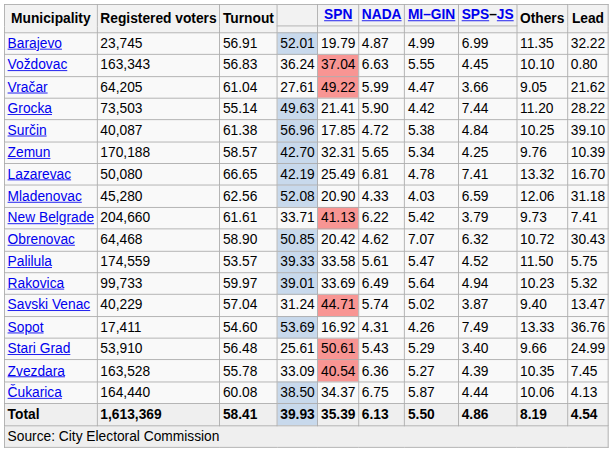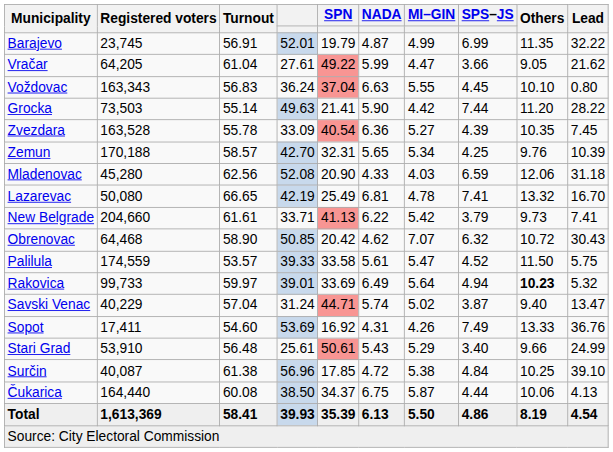 <table class="wikitable">
 <tr>
 <th rowspan="2">Municipality</th>
 <th rowspan="2">Registered voters</th>
 <th rowspan="2">Turnout</th>
 <th></th>
 <th><a href='#'>SPN</a></th>
 <th><a href='#'>NADA</a></th>
 <th><a href='#'>MI–GIN</a></th>
 <th><a href='#'>SPS</a>–<a href='#'>JS</a></th>
 <th rowspan="2">Others</th>
 <th rowspan="2">Lead</th>
 </tr>
 <tr>
 <th style="background:"></th>
 <th style="background:"></th>
 <th style="background:"></th>
 <th style="background:"></th>
 <th style="background:"></th>
 </tr>
 <tr>
 <td><a href='#'>Barajevo</a></td>
 <td>23,745</td>
 <td>56.91</td>
 <td style="background:#C8D9EC">52.01</td>
 <td>19.79</td>
 <td>4.87</td>
 <td>4.99</td>
 <td>6.99</td>
 <td>11.35</td>
 <td style="background:">32.22</td>
 </tr>
 <tr>
+<td><a href='#'>Vračar</a></td>
+<td>64,205</td>
+<td>61.04</td>
+<td>27.61</td>
+<td style="background:#F89593">49.22</td>
+<td>5.99</td>
+<td>4.47</td>
+<td>3.66</td>
+<td>9.05</td>
+<td style="background:">21.62</td>
+</tr>
+<tr>
 <td><a href='#'>Voždovac</a></td>
 <td>163,343</td>
 <td>56.83</td>
 <td>36.24</td>
 <td style="background:#F89593">37.04</td>
 <td>6.63</td>
 <td>5.55</td>
 <td>4.45</td>
 <td>10.10</td>
 <td style="background:">0.80</td>
-</tr>
-<tr>
-<td><a href='#'>Vračar</a></td>
-<td>64,205</td>
-<td>61.04</td>
-<td>27.61</td>
-<td style="background:#F89593">49.22</td>
-<td>5.99</td>
-<td>4.47</td>
-<td>3.66</td>
-<td>9.05</td>
-<td style="background:">21.62</td>
 </tr>
 <tr>
 <td><a href='#'>Grocka</a></td>
 <td>73,503</td>
 <td>55.14</td>
 <td style="background:#C8D9EC">49.63</td>
 <td>21.41</td>
 <td>5.90</td>
 <td>4.42</td>
 <td>7.44</td>
 <td>11.20</td>
 <td style="background:">28.22</td>
 </tr>
 <tr>
-<td><a href='#'>Surčin</a></td>
-<td>40,087</td>
-<td>61.38</td>
-<td style="background:#C8D9EC">56.96</td>
-<td>17.85</td>
-<td>4.72</td>
-<td>5.38</td>
-<td>4.84</td>
-<td>10.25</td>
-<td style="background:">39.10</td>
+<td><a href='#'>Zvezdara</a></td>
+<td>163,528</td>
+<td>55.78</td>
+<td>33.09</td>
+<td style="background:#F89593">40.54</td>
+<td>6.36</td>
+<td>5.27</td>
+<td>4.39</td>
+<td>10.35</td>
+<td style="background:">7.45</td>
 </tr>
 <tr>
 <td><a href='#'>Zemun</a></td>
 <td>170,188</td>
 <td>58.57</td>
 <td style="background:#C8D9EC">42.70</td>
 <td>32.31</td>
 <td>5.65</td>
 <td>5.34</td>
 <td>4.25</td>
 <td>9.76</td>
 <td style="background:">10.39</td>
 </tr>
 <tr>
+<td><a href='#'>Mladenovac</a></td>
+<td>45,280</td>
+<td>62.56</td>
+<td style="background:#C8D9EC">52.08</td>
+<td>20.90</td>
+<td>4.33</td>
+<td>4.03</td>
+<td>6.59</td>
+<td>12.06</td>
+<td style="background:">31.18</td>
+</tr>
+<tr>
 <td><a href='#'>Lazarevac</a></td>
 <td>50,080</td>
 <td>66.65</td>
 <td style="background:#C8D9EC">42.19</td>
 <td>25.49</td>
 <td>6.81</td>
 <td>4.78</td>
 <td>7.41</td>
 <td>13.32</td>
 <td style="background:">16.70</td>
-</tr>
-<tr>
-<td><a href='#'>Mladenovac</a></td>
-<td>45,280</td>
-<td>62.56</td>
-<td style="background:#C8D9EC">52.08</td>
-<td>20.90</td>
-<td>4.33</td>
-<td>4.03</td>
-<td>6.59</td>
-<td>12.06</td>
-<td style="background:">31.18</td>
 </tr>
 <tr>
 <td><a href='#'>New Belgrade</a></td>
 <td>204,660</td>
 <td>61.61</td>
 <td>33.71</td>
 <td style="background:#F89593">41.13</td>
 <td>6.22</td>
 <td>5.42</td>
 <td>3.79</td>
 <td>9.73</td>
 <td style="background:">7.41</td>
 </tr>
 <tr>
 <td><a href='#'>Obrenovac</a></td>
 <td>64,468</td>
 <td>58.90</td>
 <td style="background:#C8D9EC">50.85</td>
 <td>20.42</td>
 <td>4.62</td>
 <td>7.07</td>
 <td>6.32</td>
 <td>10.72</td>
 <td style="background:">30.43</td>
 </tr>
 <tr>
 <td><a href='#'>Palilula</a></td>
 <td>174,559</td>
 <td>53.57</td>
 <td style="background:#C8D9EC">39.33</td>
 <td>33.58</td>
 <td>5.61</td>
 <td>5.47</td>
 <td>4.52</td>
 <td>11.50</td>
 <td style="background:">5.75</td>
 </tr>
 <tr>
 <td><a href='#'>Rakovica</a></td>
 <td>99,733</td>
 <td>59.97</td>
 <td style="background:#C8D9EC">39.01</td>
 <td>33.69</td>
 <td>6.49</td>
 <td>5.64</td>
 <td>4.94</td>
-<td>10.23</td>
+<td><strong>10.23</strong></td>
 <td style="background:">5.32</td>
 </tr>
 <tr>
 <td><a href='#'>Savski Venac</a></td>
 <td>40,229</td>
 <td>57.04</td>
 <td>31.24</td>
 <td style="background:#F89593">44.71</td>
 <td>5.74</td>
 <td>5.02</td>
 <td>3.87</td>
 <td>9.40</td>
 <td style="background:">13.47</td>
 </tr>
 <tr>
 <td><a href='#'>Sopot</a></td>
 <td>17,411</td>
 <td>54.60</td>
 <td style="background:#C8D9EC">53.69</td>
 <td>16.92</td>
 <td>4.31</td>
 <td>4.26</td>
 <td>7.49</td>
 <td>13.33</td>
 <td style="background:">36.76</td>
 </tr>
 <tr>
 <td><a href='#'>Stari Grad</a></td>
 <td>53,910</td>
 <td>56.48</td>
 <td>25.61</td>
 <td style="background:#F89593">50.61</td>
 <td>5.43</td>
 <td>5.29</td>
 <td>3.40</td>
 <td>9.66</td>
 <td style="background:">24.99</td>
 </tr>
 <tr>
-<td><a href='#'>Zvezdara</a></td>
-<td>163,528</td>
-<td>55.78</td>
-<td>33.09</td>
-<td style="background:#F89593">40.54</td>
-<td>6.36</td>
-<td>5.27</td>
-<td>4.39</td>
-<td>10.35</td>
-<td style="background:">7.45</td>
+<td><a href='#'>Surčin</a></td>
+<td>40,087</td>
+<td>61.38</td>
+<td style="background:#C8D9EC">56.96</td>
+<td>17.85</td>
+<td>4.72</td>
+<td>5.38</td>
+<td>4.84</td>
+<td>10.25</td>
+<td style="background:">39.10</td>
 </tr>
 <tr>
 <td><a href='#'>Čukarica</a></td>
 <td>164,440</td>
 <td>60.08</td>
 <td style="background:#C8D9EC">38.50</td>
 <td>34.37</td>
 <td>6.75</td>
 <td>5.87</td>
 <td>4.44</td>
 <td>10.06</td>
 <td style="background:">4.13</td>
 </tr>
 <tr style="background:#EFEFEF">
 <td><strong>Total</strong></td>
 <td><strong>1,613,369</strong></td>
 <td><strong>58.41</strong></td>
 <td style="background:#C8D9EC"><strong>39.93</strong></td>
 <td><strong>35.39</strong></td>
 <td><strong>6.13</strong></td>
 <td><strong>5.50</strong></td>
 <td><strong>4.86</strong></td>
 <td><strong>8.19</strong></td>
 <td style="background:"><strong>4.54</strong></td>
 </tr>
 <tr style="background:#EFEFEF">
 <td colspan="10">Source: City Electoral Commission</td>
 </tr>
 </table>
